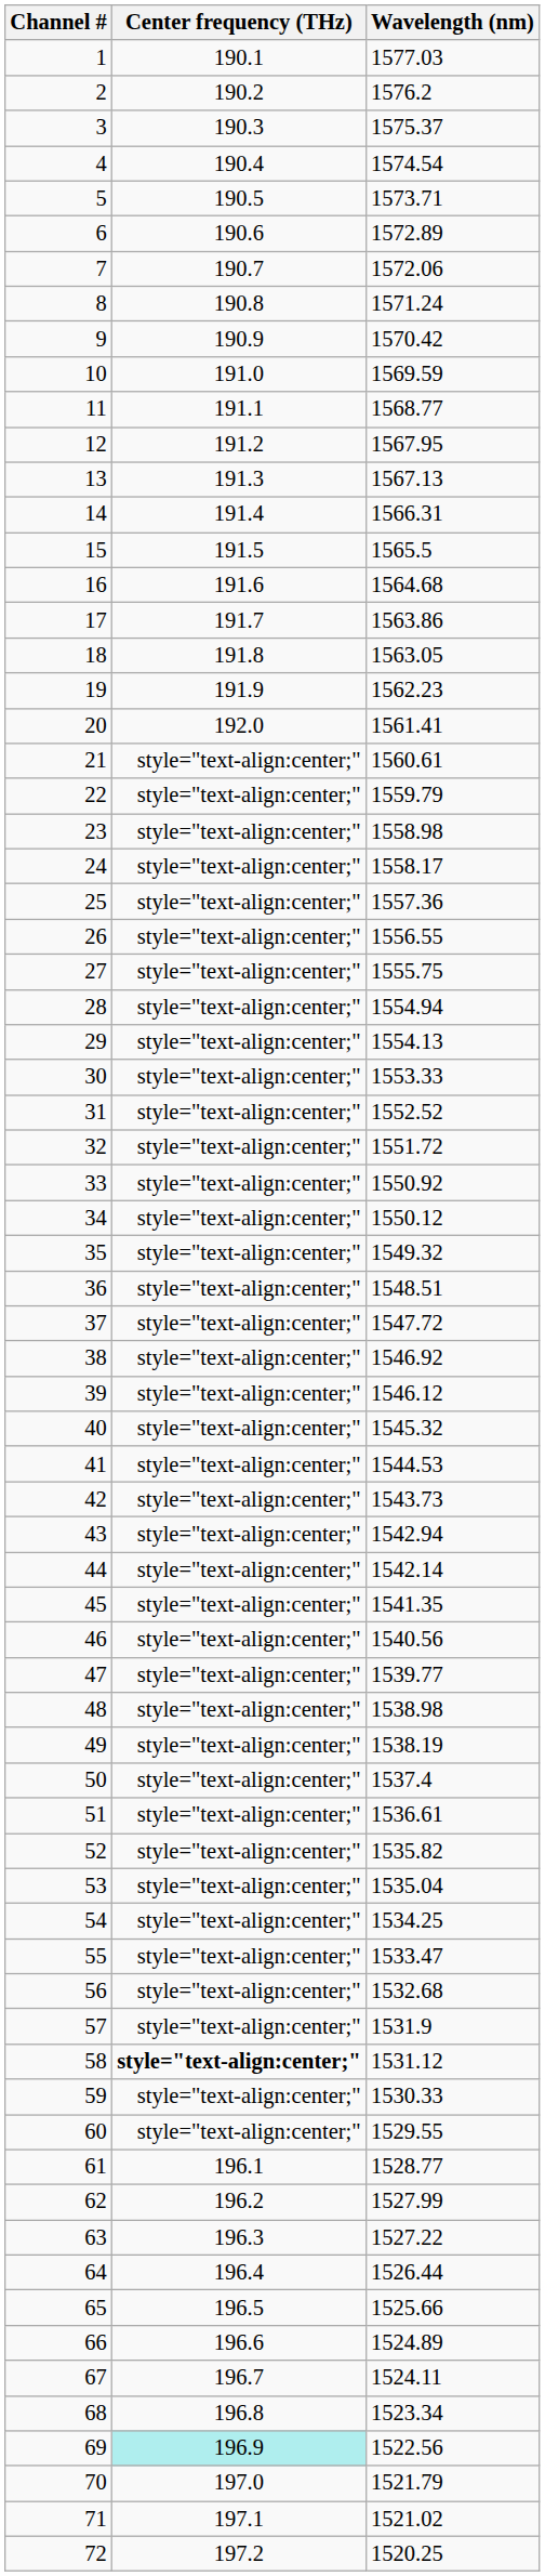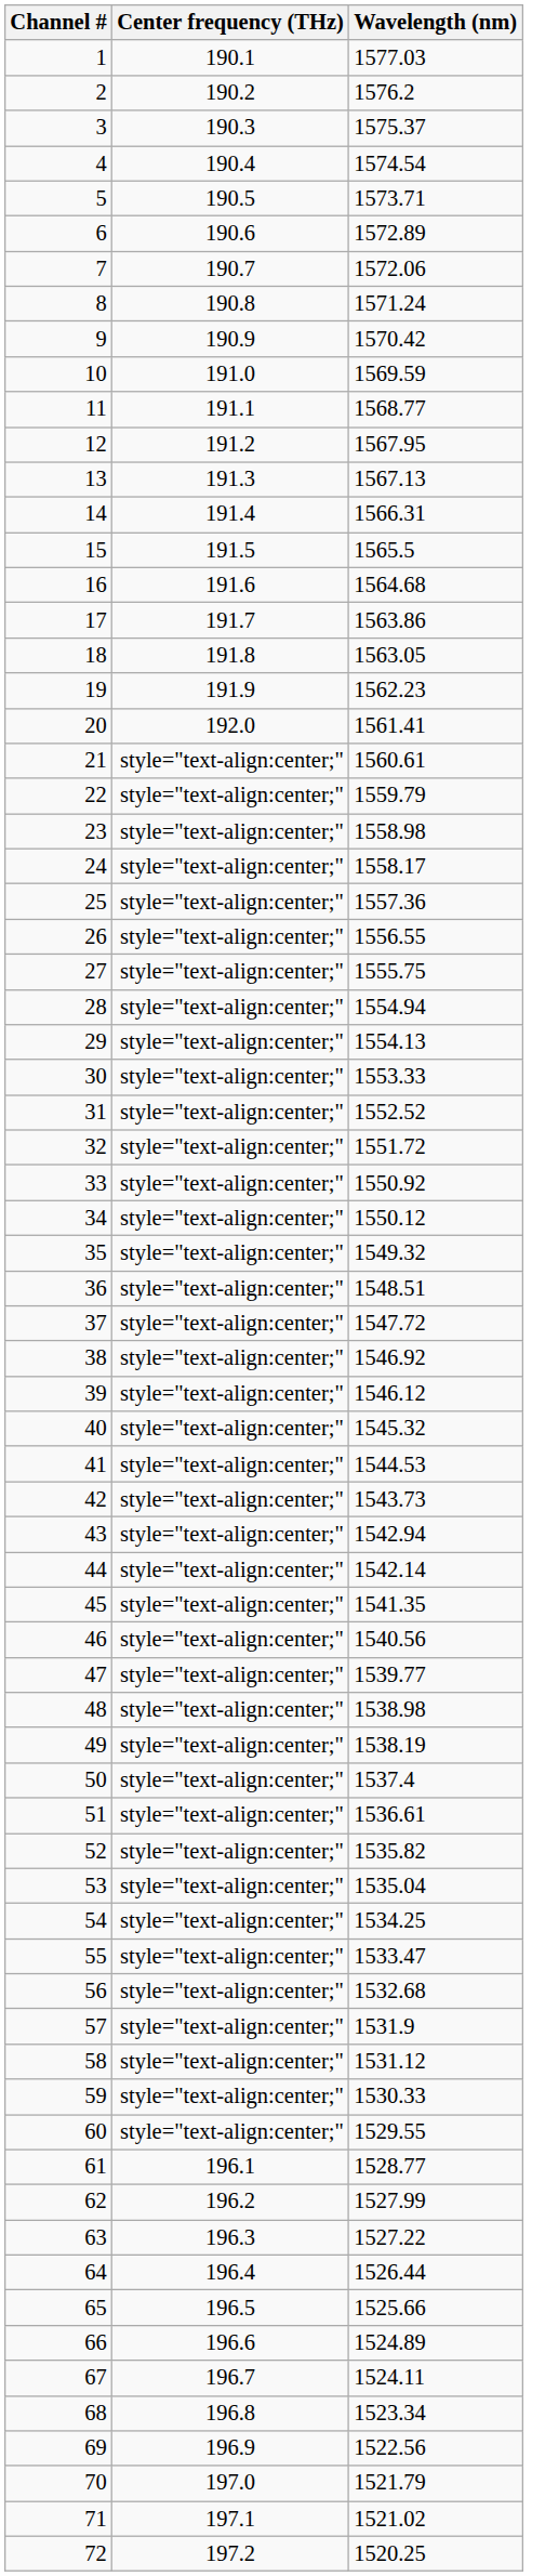 <table class="wikitable sortable mw-collapsible mw-collapsed" style="text-align:right; vertical-align:middle;">
 <tr style="text-align:center;">
 <th style="text-align:right;">Channel #</th>
 <th>Center frequency (THz)</th>
 <th>Wavelength (nm)</th>
 </tr>
 <tr>
 <td>1</td>
 <td style="text-align:center;">190.1</td>
 <td style="text-align:left;">1577.03</td>
 </tr>
 <tr>
 <td>2</td>
 <td style="text-align:center;">190.2</td>
 <td style="text-align:left;">1576.2</td>
 </tr>
 <tr>
 <td>3</td>
 <td style="text-align:center;">190.3</td>
 <td style="text-align:left;">1575.37</td>
 </tr>
 <tr>
 <td>4</td>
 <td style="text-align:center;">190.4</td>
 <td style="text-align:left;">1574.54</td>
 </tr>
 <tr>
 <td>5</td>
 <td style="text-align:center;">190.5</td>
 <td style="text-align:left;">1573.71</td>
 </tr>
 <tr>
 <td>6</td>
 <td style="text-align:center;">190.6</td>
 <td style="text-align:left;">1572.89</td>
 </tr>
 <tr>
 <td>7</td>
 <td style="text-align:center;">190.7</td>
 <td style="text-align:left;">1572.06</td>
 </tr>
 <tr>
 <td>8</td>
 <td style="text-align:center;">190.8</td>
 <td style="text-align:left;">1571.24</td>
 </tr>
 <tr>
 <td>9</td>
 <td style="text-align:center;">190.9</td>
 <td style="text-align:left;">1570.42</td>
 </tr>
 <tr>
 <td>10</td>
 <td style="text-align:center;">191.0</td>
 <td style="text-align:left;">1569.59</td>
 </tr>
 <tr>
 <td>11</td>
 <td style="text-align:center;">191.1</td>
 <td style="text-align:left;">1568.77</td>
 </tr>
 <tr>
 <td>12</td>
 <td style="text-align:center;">191.2</td>
 <td style="text-align:left;">1567.95</td>
 </tr>
 <tr>
 <td>13</td>
 <td style="text-align:center;">191.3</td>
 <td style="text-align:left;">1567.13</td>
 </tr>
 <tr>
 <td>14</td>
 <td style="text-align:center;">191.4</td>
 <td style="text-align:left;">1566.31</td>
 </tr>
 <tr>
 <td>15</td>
 <td style="text-align:center;">191.5</td>
 <td style="text-align:left;">1565.5</td>
 </tr>
 <tr>
 <td>16</td>
 <td style="text-align:center;">191.6</td>
 <td style="text-align:left;">1564.68</td>
 </tr>
 <tr>
 <td>17</td>
 <td style="text-align:center;">191.7</td>
 <td style="text-align:left;">1563.86</td>
 </tr>
 <tr>
 <td>18</td>
 <td style="text-align:center;">191.8</td>
 <td style="text-align:left;">1563.05</td>
 </tr>
 <tr>
 <td>19</td>
 <td style="text-align:center;">191.9</td>
 <td style="text-align:left;">1562.23</td>
 </tr>
 <tr>
 <td>20</td>
 <td style="text-align:center;">192.0</td>
 <td style="text-align:left;">1561.41</td>
 </tr>
 <tr>
 <td>21</td>
 <td>style="text-align:center;" </td>
 <td style="text-align:left;">1560.61</td>
 </tr>
 <tr>
 <td>22</td>
 <td>style="text-align:center;" </td>
 <td style="text-align:left;">1559.79</td>
 </tr>
 <tr>
 <td>23</td>
 <td>style="text-align:center;" </td>
 <td style="text-align:left;">1558.98</td>
 </tr>
 <tr>
 <td>24</td>
 <td>style="text-align:center;" </td>
 <td style="text-align:left;">1558.17</td>
 </tr>
 <tr>
 <td>25</td>
 <td>style="text-align:center;" </td>
 <td style="text-align:left;">1557.36</td>
 </tr>
 <tr>
 <td>26</td>
 <td>style="text-align:center;" </td>
 <td style="text-align:left;">1556.55</td>
 </tr>
 <tr>
 <td>27</td>
 <td>style="text-align:center;" </td>
 <td style="text-align:left;">1555.75</td>
 </tr>
 <tr>
 <td>28</td>
 <td>style="text-align:center;" </td>
 <td style="text-align:left;">1554.94</td>
 </tr>
 <tr>
 <td>29</td>
 <td>style="text-align:center;" </td>
 <td style="text-align:left;">1554.13</td>
 </tr>
 <tr>
 <td>30</td>
 <td>style="text-align:center;" </td>
 <td style="text-align:left;">1553.33</td>
 </tr>
 <tr>
 <td>31</td>
 <td>style="text-align:center;" </td>
 <td style="text-align:left;">1552.52</td>
 </tr>
 <tr>
 <td>32</td>
 <td>style="text-align:center;" </td>
 <td style="text-align:left;">1551.72</td>
 </tr>
 <tr>
 <td>33</td>
 <td>style="text-align:center;" </td>
 <td style="text-align:left;">1550.92</td>
 </tr>
 <tr>
 <td>34</td>
 <td>style="text-align:center;" </td>
 <td style="text-align:left;">1550.12</td>
 </tr>
 <tr>
 <td>35</td>
 <td>style="text-align:center;" </td>
 <td style="text-align:left;">1549.32</td>
 </tr>
 <tr>
 <td>36</td>
 <td>style="text-align:center;" </td>
 <td style="text-align:left;">1548.51</td>
 </tr>
 <tr>
 <td>37</td>
 <td>style="text-align:center;" </td>
 <td style="text-align:left;">1547.72</td>
 </tr>
 <tr>
 <td>38</td>
 <td>style="text-align:center;" </td>
 <td style="text-align:left;">1546.92</td>
 </tr>
 <tr>
 <td>39</td>
 <td>style="text-align:center;" </td>
 <td style="text-align:left;">1546.12</td>
 </tr>
 <tr>
 <td>40</td>
 <td>style="text-align:center;" </td>
 <td style="text-align:left;">1545.32</td>
 </tr>
 <tr>
 <td>41</td>
 <td>style="text-align:center;" </td>
 <td style="text-align:left;">1544.53</td>
 </tr>
 <tr>
 <td>42</td>
 <td>style="text-align:center;" </td>
 <td style="text-align:left;">1543.73</td>
 </tr>
 <tr>
 <td>43</td>
 <td>style="text-align:center;" </td>
 <td style="text-align:left;">1542.94</td>
 </tr>
 <tr>
 <td>44</td>
 <td>style="text-align:center;" </td>
 <td style="text-align:left;">1542.14</td>
 </tr>
 <tr>
 <td>45</td>
 <td>style="text-align:center;" </td>
 <td style="text-align:left;">1541.35</td>
 </tr>
 <tr>
 <td>46</td>
 <td>style="text-align:center;" </td>
 <td style="text-align:left;">1540.56</td>
 </tr>
 <tr>
 <td>47</td>
 <td>style="text-align:center;" </td>
 <td style="text-align:left;">1539.77</td>
 </tr>
 <tr>
 <td>48</td>
 <td>style="text-align:center;" </td>
 <td style="text-align:left;">1538.98</td>
 </tr>
 <tr>
 <td>49</td>
 <td>style="text-align:center;" </td>
 <td style="text-align:left;">1538.19</td>
 </tr>
 <tr>
 <td>50</td>
 <td>style="text-align:center;" </td>
 <td style="text-align:left;">1537.4</td>
 </tr>
 <tr>
 <td>51</td>
 <td>style="text-align:center;" </td>
 <td style="text-align:left;">1536.61</td>
 </tr>
 <tr>
 <td>52</td>
 <td>style="text-align:center;" </td>
 <td style="text-align:left;">1535.82</td>
 </tr>
 <tr>
 <td>53</td>
 <td>style="text-align:center;" </td>
 <td style="text-align:left;">1535.04</td>
 </tr>
 <tr>
 <td>54</td>
 <td>style="text-align:center;" </td>
 <td style="text-align:left;">1534.25</td>
 </tr>
 <tr>
 <td>55</td>
 <td>style="text-align:center;" </td>
 <td style="text-align:left;">1533.47</td>
 </tr>
 <tr>
 <td>56</td>
 <td>style="text-align:center;" </td>
 <td style="text-align:left;">1532.68</td>
 </tr>
 <tr>
 <td>57</td>
 <td>style="text-align:center;" </td>
 <td style="text-align:left;">1531.9</td>
 </tr>
 <tr>
 <td>58</td>
-<td><strong>style="text-align:center;" </strong></td>
+<td>style="text-align:center;" </td>
 <td style="text-align:left;">1531.12</td>
 </tr>
 <tr>
 <td>59</td>
 <td>style="text-align:center;" </td>
 <td style="text-align:left;">1530.33</td>
 </tr>
 <tr>
 <td>60</td>
 <td>style="text-align:center;" </td>
 <td style="text-align:left;">1529.55</td>
 </tr>
 <tr>
 <td>61</td>
 <td style="text-align:center;">196.1</td>
 <td style="text-align:left;">1528.77</td>
 </tr>
 <tr>
 <td>62</td>
 <td style="text-align:center;">196.2</td>
 <td style="text-align:left;">1527.99</td>
 </tr>
 <tr>
 <td>63</td>
 <td style="text-align:center;">196.3</td>
 <td style="text-align:left;">1527.22</td>
 </tr>
 <tr>
 <td>64</td>
 <td style="text-align:center;">196.4</td>
 <td style="text-align:left;">1526.44</td>
 </tr>
 <tr>
 <td>65</td>
 <td style="text-align:center;">196.5</td>
 <td style="text-align:left;">1525.66</td>
 </tr>
 <tr>
 <td>66</td>
 <td style="text-align:center;">196.6</td>
 <td style="text-align:left;">1524.89</td>
 </tr>
 <tr>
 <td>67</td>
 <td style="text-align:center;">196.7</td>
 <td style="text-align:left;">1524.11</td>
 </tr>
 <tr>
 <td>68</td>
 <td style="text-align:center;">196.8</td>
 <td style="text-align:left;">1523.34</td>
 </tr>
 <tr>
 <td>69</td>
-<td style="background: paleturquoise; text-align:center;">196.9</td>
+<td style="text-align:center;">196.9</td>
 <td style="text-align:left;">1522.56</td>
 </tr>
 <tr>
 <td>70</td>
 <td style="text-align:center;">197.0</td>
 <td style="text-align:left;">1521.79</td>
 </tr>
 <tr>
 <td>71</td>
 <td style="text-align:center;">197.1</td>
 <td style="text-align:left;">1521.02</td>
 </tr>
 <tr>
 <td>72</td>
 <td style="text-align:center;">197.2</td>
 <td style="text-align:left;">1520.25</td>
 </tr>
 </table>
